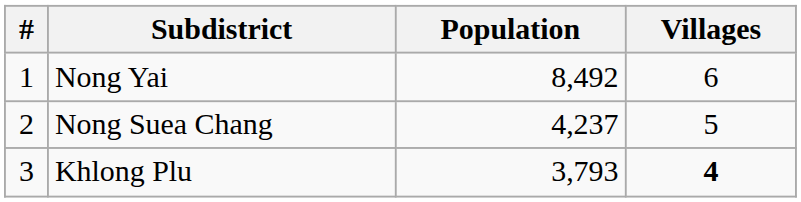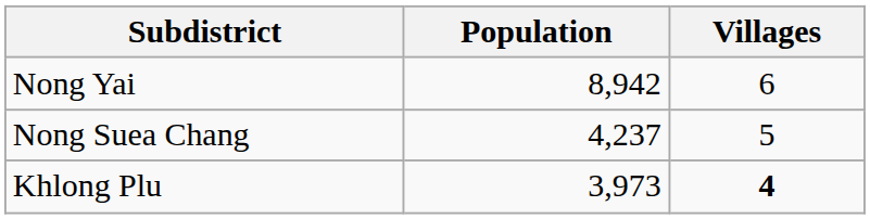 <table class="wikitable" style="width:48%; display:inline-table;">
 <tr>
-<th>#</th>
 <th>Subdistrict</th>
 <th>Population</th>
 <th>Villages</th>
 </tr>
 <tr>
-<td style="text-align:center;">1</td>
 <td>Nong Yai</td>
-<td style="text-align:right;">8,492</td>
+<td style="text-align:right;">8,942</td>
 <td style="text-align:center;">6</td>
 </tr>
 <tr>
-<td style="text-align:center;">2</td>
 <td>Nong Suea Chang</td>
 <td style="text-align:right;">4,237</td>
 <td style="text-align:center;">5</td>
 </tr>
 <tr>
-<td style="text-align:center;">3</td>
 <td>Khlong Plu</td>
-<td style="text-align:right;">3,793</td>
+<td style="text-align:right;">3,973</td>
 <td style="text-align:center;"><strong>4</strong></td>
 </tr>
 </table>
